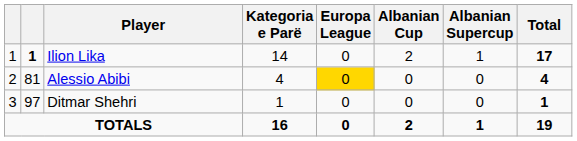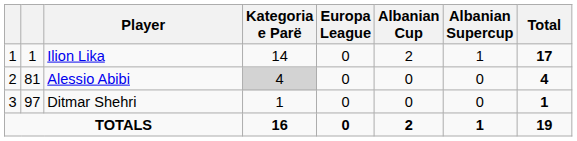 <table class="wikitable sortable" style="font-size: 95%; text-align: center;">
 <tr>
 <th width=10></th>
 <th width=10></th>
 <th width=200>Player</th>
 <th width=50>Kategoria e Parë</th>
 <th width=50>Europa League</th>
 <th width=50>Albanian Cup</th>
 <th width=50>Albanian Supercup</th>
 <th width=50>Total</th>
 </tr>
 <tr>
 <td>1</td>
-<td><strong>1</strong></td>
+<td>1</td>
 <td align=left> <a href='#'>Ilion Lika</a></td>
 <td>14</td>
 <td>0</td>
 <td>2</td>
 <td>1</td>
 <td><strong>17</strong></td>
 </tr>
 <tr>
 <td>2</td>
 <td>81</td>
 <td align=left> <a href='#'>Alessio Abibi</a></td>
-<td>4</td>
-<td style="background: gold;">0</td>
+<td style="background: lightgrey;">4</td>
+<td>0</td>
 <td>0</td>
 <td>0</td>
 <td><strong>4</strong></td>
 </tr>
 <tr>
 <td>3</td>
 <td>97</td>
 <td align=left> Ditmar Shehri</td>
 <td>1</td>
 <td>0</td>
 <td>0</td>
 <td>0</td>
 <td><strong>1</strong></td>
 </tr>
 <tr>
 <td colspan=3><strong>TOTALS</strong></td>
 <td><strong>16</strong></td>
 <td><strong>0</strong></td>
 <td><strong>2</strong></td>
 <td><strong>1</strong></td>
 <td><strong>19</strong></td>
 </tr>
 </table>
